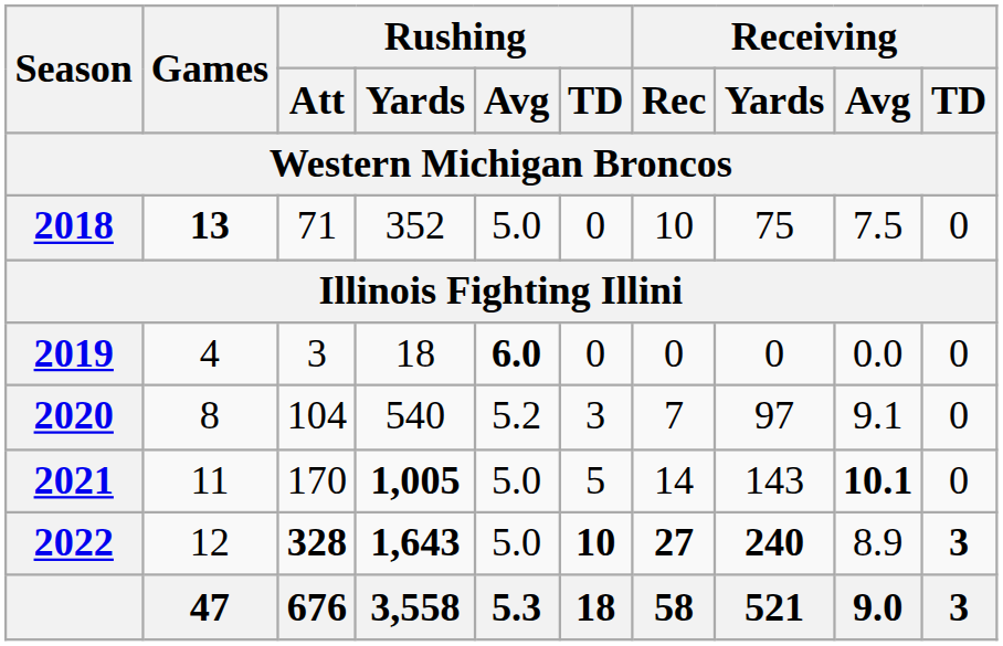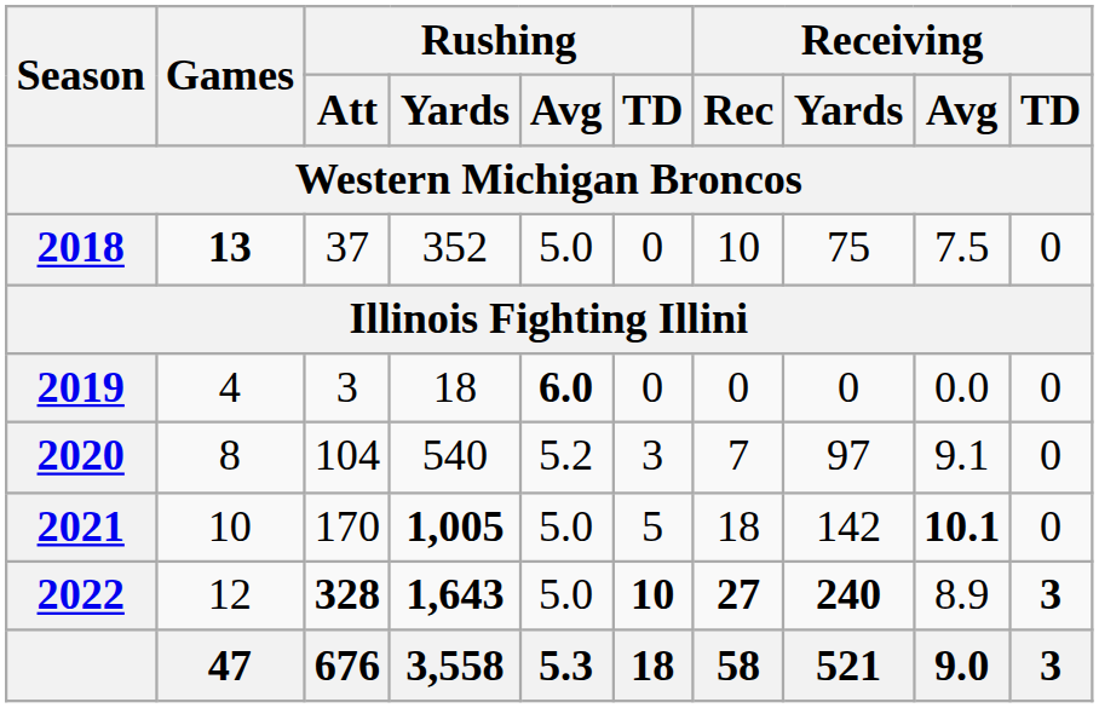 <table class="wikitable" style="text-align:center;">
 <tr>
 <th rowspan="2">Season</th>
 <th rowspan="2">Games</th>
 <th colspan="4">Rushing</th>
 <th colspan="4">Receiving</th>
 </tr>
 <tr>
 <th>Att</th>
 <th>Yards</th>
 <th>Avg</th>
 <th>TD</th>
 <th>Rec</th>
 <th>Yards</th>
 <th>Avg</th>
 <th>TD</th>
 </tr>
 <tr>
 <th colspan="15">Western Michigan Broncos</th>
 </tr>
 <tr>
 <th><a href='#'>2018</a></th>
 <td><strong>13</strong></td>
-<td>71</td>
+<td>37</td>
 <td>352</td>
 <td>5.0</td>
 <td>0</td>
 <td>10</td>
 <td>75</td>
 <td>7.5</td>
 <td>0</td>
 </tr>
 <tr>
 <th colspan="15">Illinois Fighting Illini</th>
 </tr>
 <tr>
 <th><a href='#'>2019</a></th>
 <td>4</td>
 <td>3</td>
 <td>18</td>
 <td><strong>6.0</strong></td>
 <td>0</td>
 <td>0</td>
 <td>0</td>
 <td>0.0</td>
 <td>0</td>
 </tr>
 <tr>
 <th><a href='#'>2020</a></th>
 <td>8</td>
 <td>104</td>
 <td>540</td>
 <td>5.2</td>
 <td>3</td>
 <td>7</td>
 <td>97</td>
 <td>9.1</td>
 <td>0</td>
 </tr>
 <tr>
 <th><a href='#'>2021</a></th>
-<td>11</td>
+<td>10</td>
 <td>170</td>
 <td><strong>1,005</strong></td>
 <td>5.0</td>
 <td>5</td>
-<td>14</td>
-<td>143</td>
+<td>18</td>
+<td>142</td>
 <td><strong>10.1</strong></td>
 <td>0</td>
 </tr>
 <tr>
 <th><a href='#'>2022</a></th>
 <td>12</td>
 <td><strong>328</strong></td>
 <td><strong>1,643</strong></td>
 <td>5.0</td>
 <td><strong>10</strong></td>
 <td><strong>27</strong></td>
 <td><strong>240</strong></td>
 <td>8.9</td>
 <td><strong>3</strong></td>
 </tr>
 <tr>
 <th></th>
 <th>47</th>
 <th>676</th>
 <th>3,558</th>
 <th>5.3</th>
 <th>18</th>
 <th>58</th>
 <th>521</th>
 <th>9.0</th>
 <th>3</th>
 </tr>
 </table>
